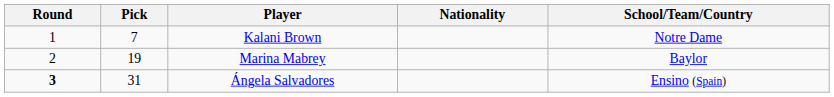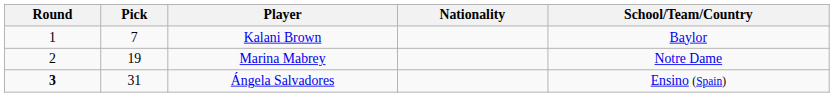 <table class="wikitable" style="text-align:center; width:60em">
 <tr>
 <th>Round</th>
 <th>Pick</th>
 <th>Player</th>
 <th>Nationality</th>
 <th>School/Team/Country</th>
 </tr>
 <tr>
 <td>1</td>
 <td>7</td>
 <td><a href='#'>Kalani Brown</a></td>
 <td></td>
-<td><a href='#'>Notre Dame</a></td>
+<td><a href='#'>Baylor</a></td>
 </tr>
 <tr>
 <td>2</td>
 <td>19</td>
 <td><a href='#'>Marina Mabrey</a></td>
 <td></td>
-<td><a href='#'>Baylor</a></td>
+<td><a href='#'>Notre Dame</a></td>
 </tr>
 <tr>
 <td><strong>3</strong></td>
 <td>31</td>
 <td><a href='#'>Ángela Salvadores</a></td>
 <td></td>
 <td><a href='#'>Ensino</a> <small>(<a href='#'>Spain</a>)</small></td>
 </tr>
 </table>
